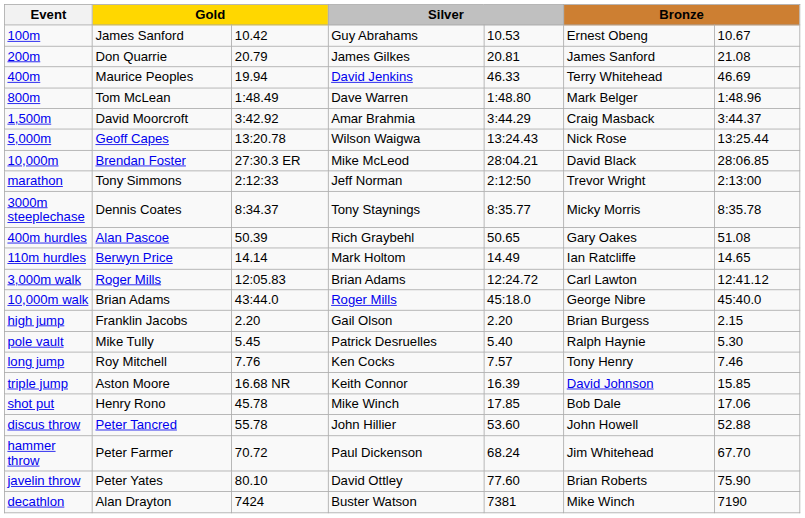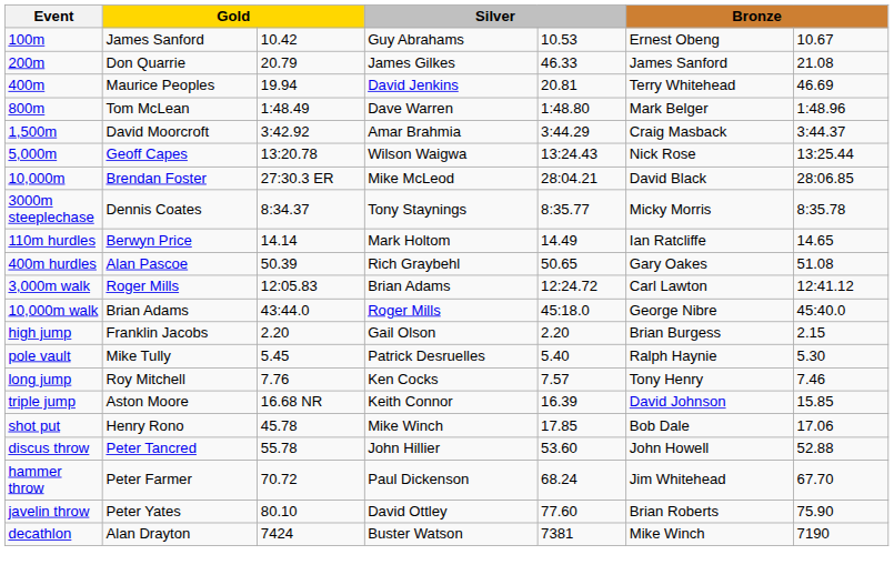 <table class="wikitable" style="text-align:left">
 <tr>
 <th width=100>Event</th>
 <th colspan="2" width="280" style="background:gold;">Gold</th>
 <th colspan="2" width="280" style="background:silver;">Silver</th>
 <th colspan="2" width="280" style="background:#CD7F32;">Bronze</th>
 </tr>
 <tr>
 <td><a href='#'>100m</a></td>
 <td> James Sanford</td>
 <td>10.42</td>
 <td> Guy Abrahams</td>
 <td>10.53</td>
 <td> Ernest Obeng</td>
 <td>10.67</td>
 </tr>
 <tr>
 <td><a href='#'>200m</a></td>
 <td> Don Quarrie</td>
 <td>20.79</td>
 <td> James Gilkes</td>
-<td>20.81</td>
+<td>46.33</td>
 <td> James Sanford</td>
 <td>21.08</td>
 </tr>
 <tr>
 <td><a href='#'>400m</a></td>
 <td> Maurice Peoples</td>
 <td>19.94</td>
 <td> <a href='#'>David Jenkins</a></td>
-<td>46.33</td>
+<td>20.81</td>
 <td>Terry Whitehead</td>
 <td>46.69</td>
 </tr>
 <tr>
 <td><a href='#'>800m</a></td>
 <td> Tom McLean</td>
 <td>1:48.49</td>
 <td>Dave Warren</td>
 <td>1:48.80</td>
 <td> Mark Belger</td>
 <td>1:48.96</td>
 </tr>
 <tr>
 <td><a href='#'>1,500m</a></td>
 <td>David Moorcroft</td>
 <td>3:42.92</td>
 <td> Amar Brahmia</td>
 <td>3:44.29</td>
 <td> Craig Masback</td>
 <td>3:44.37</td>
 </tr>
 <tr>
 <td><a href='#'>5,000m</a></td>
 <td><a href='#'>Geoff Capes</a></td>
 <td>13:20.78</td>
 <td> Wilson Waigwa</td>
 <td>13:24.43</td>
 <td>Nick Rose</td>
 <td>13:25.44</td>
 </tr>
 <tr>
 <td><a href='#'>10,000m</a></td>
 <td><a href='#'>Brendan Foster</a></td>
 <td>27:30.3 ER</td>
 <td>Mike McLeod</td>
 <td>28:04.21</td>
 <td>David Black</td>
 <td>28:06.85</td>
 </tr>
 <tr>
-<td><a href='#'>marathon</a></td>
-<td>Tony Simmons</td>
-<td>2:12:33</td>
-<td>Jeff Norman</td>
-<td>2:12:50</td>
-<td>Trevor Wright</td>
-<td>2:13:00</td>
-</tr>
-<tr>
 <td><a href='#'>3000m steeplechase</a></td>
 <td>Dennis Coates</td>
 <td>8:34.37</td>
 <td>Tony Staynings</td>
 <td>8:35.77</td>
 <td>Micky Morris</td>
 <td>8:35.78</td>
 </tr>
 <tr>
+<td><a href='#'>110m hurdles</a></td>
+<td> <a href='#'>Berwyn Price</a></td>
+<td>14.14</td>
+<td>Mark Holtom</td>
+<td>14.49</td>
+<td>Ian Ratcliffe</td>
+<td>14.65</td>
+</tr>
+<tr>
 <td><a href='#'>400m hurdles</a></td>
 <td><a href='#'>Alan Pascoe</a></td>
 <td>50.39</td>
 <td> Rich Graybehl</td>
 <td>50.65</td>
 <td>Gary Oakes</td>
 <td>51.08</td>
-</tr>
-<tr>
-<td><a href='#'>110m hurdles</a></td>
-<td> <a href='#'>Berwyn Price</a></td>
-<td>14.14</td>
-<td>Mark Holtom</td>
-<td>14.49</td>
-<td>Ian Ratcliffe</td>
-<td>14.65</td>
 </tr>
 <tr>
 <td><a href='#'>3,000m walk</a></td>
 <td><a href='#'>Roger Mills</a></td>
 <td>12:05.83</td>
 <td>Brian Adams</td>
 <td>12:24.72</td>
 <td>Carl Lawton</td>
 <td>12:41.12</td>
 </tr>
 <tr>
 <td><a href='#'>10,000m walk</a></td>
 <td>Brian Adams</td>
 <td>43:44.0</td>
 <td><a href='#'>Roger Mills</a></td>
 <td>45:18.0</td>
 <td>George Nibre</td>
 <td>45:40.0</td>
 </tr>
 <tr>
 <td><a href='#'>high jump</a></td>
 <td> Franklin Jacobs</td>
 <td>2.20</td>
 <td> Gail Olson</td>
 <td>2.20</td>
 <td> Brian Burgess</td>
 <td>2.15</td>
 </tr>
 <tr>
 <td><a href='#'>pole vault</a></td>
 <td> Mike Tully</td>
 <td>5.45</td>
 <td> Patrick Desruelles</td>
 <td>5.40</td>
 <td> Ralph Haynie</td>
 <td>5.30</td>
 </tr>
 <tr>
 <td><a href='#'>long jump</a></td>
 <td>Roy Mitchell</td>
 <td>7.76</td>
 <td>Ken Cocks</td>
 <td>7.57</td>
 <td>Tony Henry</td>
 <td>7.46</td>
 </tr>
 <tr>
 <td><a href='#'>triple jump</a></td>
 <td>Aston Moore</td>
 <td>16.68 NR</td>
 <td>Keith Connor</td>
 <td>16.39</td>
 <td><a href='#'>David Johnson</a></td>
 <td>15.85</td>
 </tr>
 <tr>
 <td><a href='#'>shot put</a></td>
 <td> Henry Rono</td>
 <td>45.78</td>
 <td>Mike Winch</td>
 <td>17.85</td>
 <td>Bob Dale</td>
 <td>17.06</td>
 </tr>
 <tr>
 <td><a href='#'>discus throw</a></td>
 <td><a href='#'>Peter Tancred</a></td>
 <td>55.78</td>
 <td>John Hillier</td>
 <td>53.60</td>
 <td>John Howell</td>
 <td>52.88</td>
 </tr>
 <tr>
 <td><a href='#'>hammer throw</a></td>
 <td> Peter Farmer</td>
 <td>70.72</td>
 <td>Paul Dickenson</td>
 <td>68.24</td>
 <td>Jim Whitehead</td>
 <td>67.70</td>
 </tr>
 <tr>
 <td><a href='#'>javelin throw</a></td>
 <td>Peter Yates</td>
 <td>80.10</td>
 <td>David Ottley</td>
 <td>77.60</td>
 <td>Brian Roberts</td>
 <td>75.90</td>
 </tr>
 <tr>
 <td><a href='#'>decathlon</a></td>
 <td>Alan Drayton</td>
 <td>7424</td>
 <td>Buster Watson</td>
 <td>7381</td>
 <td>Mike Winch</td>
 <td>7190</td>
 </tr>
 </table>
